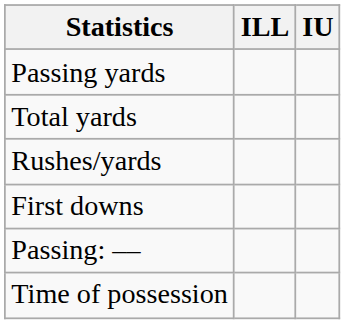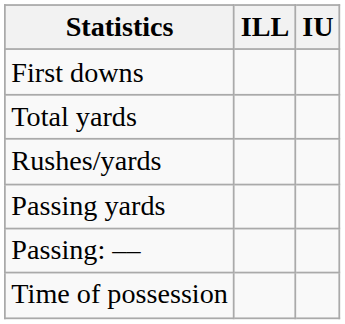 <table class="wikitable" style="float:left">
 <tr>
 <th>Statistics</th>
 <th>ILL</th>
 <th>IU</th>
 </tr>
 <tr>
-<td>Passing yards</td>
+<td>First downs</td>
 <td></td>
 <td></td>
 </tr>
 <tr>
 <td>Total yards</td>
 <td></td>
 <td></td>
 </tr>
 <tr>
 <td>Rushes/yards</td>
 <td></td>
 <td></td>
 </tr>
 <tr>
-<td>First downs</td>
+<td>Passing yards</td>
 <td></td>
 <td></td>
 </tr>
 <tr>
 <td>Passing: ––</td>
 <td></td>
 <td></td>
 </tr>
 <tr>
 <td>Time of possession</td>
 <td></td>
 <td></td>
 </tr>
 </table>
